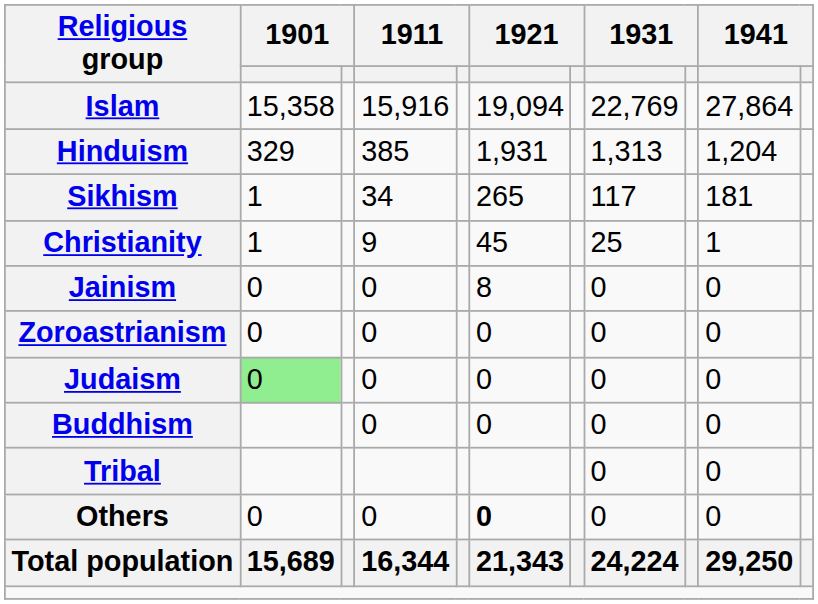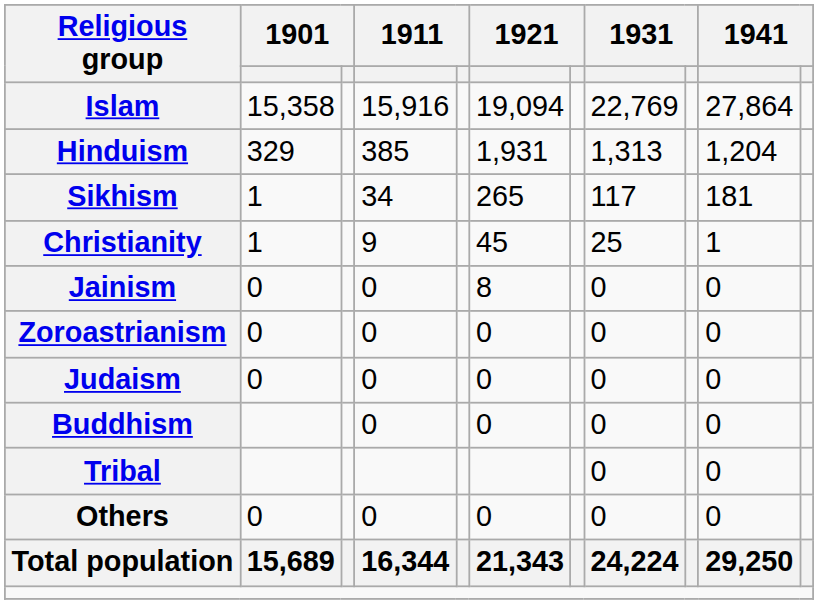 <table class="wikitable sortable">
 <tr>
 <th rowspan="2"><a href='#'>Religious</a><br>group</th>
 <th colspan="2">1901</th>
 <th colspan="2">1911</th>
 <th colspan="2">1921</th>
 <th colspan="2">1931</th>
 <th colspan="2">1941</th>
 </tr>
 <tr>
 <th><a href='#'></a></th>
 <th></th>
 <th></th>
 <th></th>
 <th></th>
 <th></th>
 <th></th>
 <th></th>
 <th></th>
 <th></th>
 </tr>
 <tr>
 <th><a href='#'>Islam</a> </th>
 <td>15,358</td>
 <td></td>
 <td>15,916</td>
 <td></td>
 <td>19,094</td>
 <td></td>
 <td>22,769</td>
 <td></td>
 <td>27,864</td>
 <td></td>
 </tr>
 <tr>
 <th><a href='#'>Hinduism</a> </th>
 <td>329</td>
 <td></td>
 <td>385</td>
 <td></td>
 <td>1,931</td>
 <td></td>
 <td>1,313</td>
 <td></td>
 <td>1,204</td>
 <td></td>
 </tr>
 <tr>
 <th><a href='#'>Sikhism</a> </th>
 <td>1</td>
 <td></td>
 <td>34</td>
 <td></td>
 <td>265</td>
 <td></td>
 <td>117</td>
 <td></td>
 <td>181</td>
 <td></td>
 </tr>
 <tr>
 <th><a href='#'>Christianity</a> </th>
 <td>1</td>
 <td></td>
 <td>9</td>
 <td></td>
 <td>45</td>
 <td></td>
 <td>25</td>
 <td></td>
 <td>1</td>
 <td></td>
 </tr>
 <tr>
 <th><a href='#'>Jainism</a> </th>
 <td>0</td>
 <td></td>
 <td>0</td>
 <td></td>
 <td>8</td>
 <td></td>
 <td>0</td>
 <td></td>
 <td>0</td>
 <td></td>
 </tr>
 <tr>
 <th><a href='#'>Zoroastrianism</a> </th>
 <td>0</td>
 <td></td>
 <td>0</td>
 <td></td>
 <td>0</td>
 <td></td>
 <td>0</td>
 <td></td>
 <td>0</td>
 <td></td>
 </tr>
 <tr>
 <th><a href='#'>Judaism</a> </th>
-<td style="background: lightgreen;">0</td>
+<td>0</td>
 <td></td>
 <td>0</td>
 <td></td>
 <td>0</td>
 <td></td>
 <td>0</td>
 <td></td>
 <td>0</td>
 <td></td>
 </tr>
 <tr>
 <th><a href='#'>Buddhism</a> </th>
 <td></td>
 <td></td>
 <td>0</td>
 <td></td>
 <td>0</td>
 <td></td>
 <td>0</td>
 <td></td>
 <td>0</td>
 <td></td>
 </tr>
 <tr>
 <th><a href='#'>Tribal</a></th>
 <td></td>
 <td></td>
 <td></td>
 <td></td>
 <td></td>
 <td></td>
 <td>0</td>
 <td></td>
 <td>0</td>
 <td></td>
 </tr>
 <tr>
 <th>Others</th>
 <td>0</td>
 <td></td>
 <td>0</td>
 <td></td>
-<td><strong>0</strong></td>
+<td>0</td>
 <td></td>
 <td>0</td>
 <td></td>
 <td>0</td>
 <td></td>
 </tr>
 <tr>
 <th>Total population</th>
 <th>15,689</th>
 <th></th>
 <th>16,344</th>
 <th></th>
 <th>21,343</th>
 <th></th>
 <th>24,224</th>
 <th></th>
 <th>29,250</th>
 <th></th>
 </tr>
 <tr class="sortbottom">
 <td colspan="15"></td>
 </tr>
 </table>
